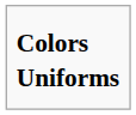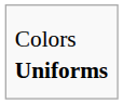 <table class="infobox">
 <tr>
 <th colspan="2"><big></big></th>
 </tr>
 <tr>
 <td colspan="2" align="center"></td>
 </tr>
 <tr>
-<td><strong>Colors</strong></td>
+<td>Colors</td>
 <td>  </td>
 </tr>
 <tr>
 <th colspan="2">Uniforms</th>
 </tr>
 <tr>
 <td></td>
 <td></td>
 </tr>
 </table>
